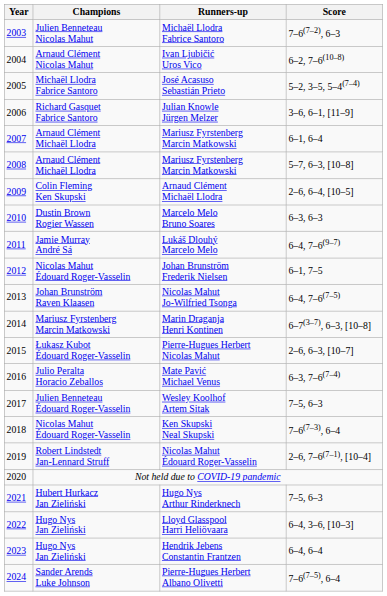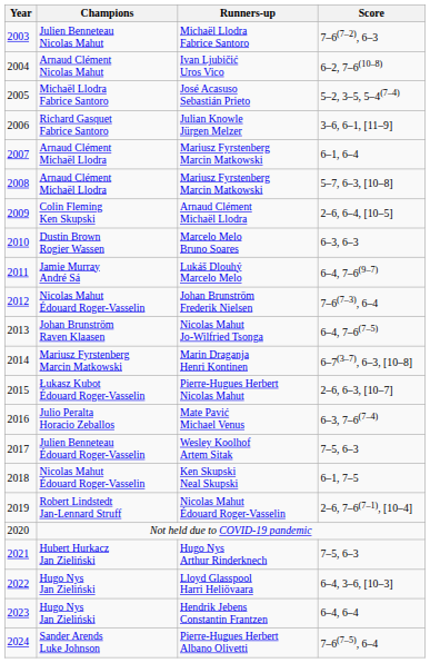 <table class="wikitable">
 <tr>
 <th style="width:40px">Year</th>
 <th style="width:200px">Champions</th>
 <th style="width:200px">Runners-up</th>
 <th style="width:150px" class="unsortable">Score</th>
 </tr>
 <tr>
 <td><a href='#'>2003</a></td>
 <td> <a href='#'>Julien Benneteau</a> <br>  <a href='#'>Nicolas Mahut</a></td>
 <td> <a href='#'>Michaël Llodra</a> <br>  <a href='#'>Fabrice Santoro</a></td>
 <td>7–6<sup>(7–2)</sup>, 6–3</td>
 </tr>
 <tr>
 <td>2004</td>
 <td>  <a href='#'>Arnaud Clément</a> <br>  <a href='#'>Nicolas Mahut</a></td>
 <td> <a href='#'>Ivan Ljubičić</a> <br>  <a href='#'>Uros Vico</a></td>
 <td>6–2, 7–6<sup>(10–8)</sup></td>
 </tr>
 <tr>
 <td>2005</td>
 <td>  <a href='#'>Michaël Llodra</a> <br>  <a href='#'>Fabrice Santoro</a></td>
 <td> <a href='#'>José Acasuso</a> <br>  <a href='#'>Sebastián Prieto</a></td>
 <td>5–2, 3–5, 5–4<sup>(7–4)</sup></td>
 </tr>
 <tr>
 <td>2006</td>
 <td>  <a href='#'>Richard Gasquet</a> <br>  <a href='#'>Fabrice Santoro</a></td>
 <td>  <a href='#'>Julian Knowle</a> <br>  <a href='#'>Jürgen Melzer</a></td>
 <td>3–6, 6–1, [11–9]</td>
 </tr>
 <tr>
 <td><a href='#'>2007</a></td>
 <td> <a href='#'>Arnaud Clément</a> <br>  <a href='#'>Michaël Llodra</a></td>
 <td> <a href='#'>Mariusz Fyrstenberg</a> <br>  <a href='#'>Marcin Matkowski</a></td>
 <td>6–1, 6–4</td>
 </tr>
 <tr>
 <td><a href='#'>2008</a></td>
 <td> <a href='#'>Arnaud Clément</a> <br>  <a href='#'>Michaël Llodra</a></td>
 <td> <a href='#'>Mariusz Fyrstenberg</a> <br>  <a href='#'>Marcin Matkowski</a></td>
 <td>5–7, 6–3, [10–8]</td>
 </tr>
 <tr>
 <td><a href='#'>2009</a></td>
 <td> <a href='#'>Colin Fleming</a> <br>  <a href='#'>Ken Skupski</a></td>
 <td> <a href='#'>Arnaud Clément</a> <br>  <a href='#'>Michaël Llodra</a></td>
 <td>2–6, 6–4, [10–5]</td>
 </tr>
 <tr>
 <td><a href='#'>2010</a></td>
 <td> <a href='#'>Dustin Brown</a> <br>  <a href='#'>Rogier Wassen</a></td>
 <td> <a href='#'>Marcelo Melo</a> <br>  <a href='#'>Bruno Soares</a></td>
 <td>6–3, 6–3</td>
 </tr>
 <tr>
 <td><a href='#'>2011</a></td>
 <td> <a href='#'>Jamie Murray</a> <br>  <a href='#'>André Sá</a></td>
 <td> <a href='#'>Lukáš Dlouhý</a>  <br>  <a href='#'>Marcelo Melo</a></td>
 <td>6–4, 7–6<sup>(9–7)</sup></td>
 </tr>
 <tr>
 <td><a href='#'>2012</a></td>
 <td> <a href='#'>Nicolas Mahut</a> <br>  <a href='#'>Édouard Roger-Vasselin</a></td>
 <td> <a href='#'>Johan Brunström</a>  <br>  <a href='#'>Frederik Nielsen</a></td>
-<td>6–1, 7–5</td>
+<td>7–6<sup>(7–3)</sup>, 6–4</td>
 </tr>
 <tr>
 <td>2013</td>
 <td> <a href='#'>Johan Brunström</a> <br>  <a href='#'>Raven Klaasen</a></td>
 <td> <a href='#'>Nicolas Mahut</a>  <br>  <a href='#'>Jo-Wilfried Tsonga</a></td>
 <td>6–4, 7–6<sup>(7–5)</sup></td>
 </tr>
 <tr>
 <td>2014</td>
 <td> <a href='#'>Mariusz Fyrstenberg</a> <br>  <a href='#'>Marcin Matkowski</a></td>
 <td> <a href='#'>Marin Draganja</a> <br>  <a href='#'>Henri Kontinen</a></td>
 <td>6–7<sup>(3–7)</sup>, 6–3, [10–8]</td>
 </tr>
 <tr>
 <td>2015</td>
 <td> <a href='#'>Łukasz Kubot</a> <br>  <a href='#'>Édouard Roger-Vasselin</a></td>
 <td> <a href='#'>Pierre-Hugues Herbert</a> <br>  <a href='#'>Nicolas Mahut</a></td>
 <td>2–6, 6–3, [10–7]</td>
 </tr>
 <tr>
 <td>2016</td>
 <td> <a href='#'>Julio Peralta</a> <br>  <a href='#'>Horacio Zeballos</a></td>
 <td> <a href='#'>Mate Pavić</a> <br>  <a href='#'>Michael Venus</a></td>
 <td>6–3, 7–6<sup>(7–4)</sup></td>
 </tr>
 <tr>
 <td>2017</td>
 <td> <a href='#'>Julien Benneteau</a> <br>  <a href='#'>Édouard Roger-Vasselin</a></td>
 <td> <a href='#'>Wesley Koolhof</a> <br>  <a href='#'>Artem Sitak</a></td>
 <td>7–5, 6–3</td>
 </tr>
 <tr>
 <td>2018</td>
 <td> <a href='#'>Nicolas Mahut</a> <br>  <a href='#'>Édouard Roger-Vasselin</a></td>
 <td> <a href='#'>Ken Skupski</a> <br>  <a href='#'>Neal Skupski</a></td>
-<td>7–6<sup>(7–3)</sup>, 6–4</td>
+<td>6–1, 7–5</td>
 </tr>
 <tr>
 <td>2019</td>
 <td> <a href='#'>Robert Lindstedt</a> <br>  <a href='#'>Jan-Lennard Struff</a></td>
 <td> <a href='#'>Nicolas Mahut</a> <br>  <a href='#'>Édouard Roger-Vasselin</a></td>
 <td>2–6, 7–6<sup>(7–1)</sup>, [10–4]</td>
 </tr>
 <tr>
 <td>2020</td>
 <td colspan=3 align=center><em>Not held due to <a href='#'>COVID-19 pandemic</a></em></td>
 </tr>
 <tr>
 <td><a href='#'>2021</a></td>
 <td> <a href='#'>Hubert Hurkacz</a> <br>  <a href='#'>Jan Zieliński</a></td>
 <td> <a href='#'>Hugo Nys</a> <br>  <a href='#'>Arthur Rinderknech</a></td>
 <td>7–5, 6–3</td>
 </tr>
 <tr>
 <td><a href='#'>2022</a></td>
 <td> <a href='#'>Hugo Nys</a> <br>  <a href='#'>Jan Zieliński</a></td>
 <td> <a href='#'>Lloyd Glasspool</a> <br>  <a href='#'>Harri Heliövaara</a></td>
 <td>6–4, 3–6, [10–3]</td>
 </tr>
 <tr>
 <td><a href='#'>2023</a></td>
 <td> <a href='#'>Hugo Nys</a> <br>  <a href='#'>Jan Zieliński</a></td>
 <td> <a href='#'>Hendrik Jebens</a> <br>  <a href='#'>Constantin Frantzen</a></td>
 <td>6–4, 6–4</td>
 </tr>
 <tr>
 <td><a href='#'>2024</a></td>
 <td> <a href='#'>Sander Arends</a> <br>  <a href='#'>Luke Johnson</a></td>
 <td> <a href='#'>Pierre-Hugues Herbert</a> <br>  <a href='#'>Albano Olivetti</a></td>
 <td>7–6<sup>(7–5)</sup>, 6–4</td>
 </tr>
 </table>
